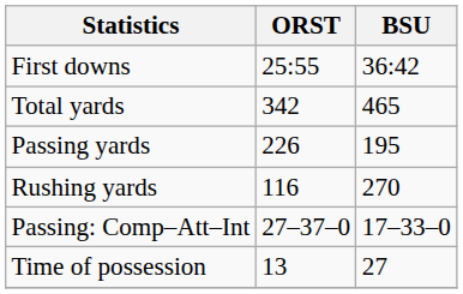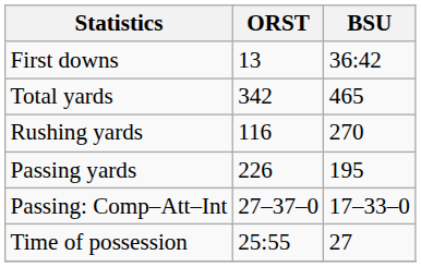 <table class="wikitable" style="float: left;">
 <tr>
 <th>Statistics</th>
 <th>ORST</th>
 <th>BSU</th>
 </tr>
 <tr>
 <td>First downs</td>
-<td>25:55</td>
+<td>13</td>
 <td>36:42</td>
 </tr>
 <tr>
 <td>Total yards</td>
 <td>342</td>
 <td>465</td>
 </tr>
 <tr>
+<td>Rushing yards</td>
+<td>116</td>
+<td>270</td>
+</tr>
+<tr>
 <td>Passing yards</td>
 <td>226</td>
 <td>195</td>
-</tr>
-<tr>
-<td>Rushing yards</td>
-<td>116</td>
-<td>270</td>
 </tr>
 <tr>
 <td>Passing: Comp–Att–Int</td>
 <td>27–37–0</td>
 <td>17–33–0</td>
 </tr>
 <tr>
 <td>Time of possession</td>
-<td>13</td>
+<td>25:55</td>
 <td>27</td>
 </tr>
 <tr>
 </tr>
 </table>
